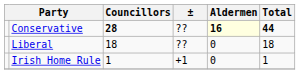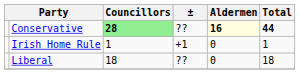 <table class="wikitable">
 <tr>
 <th colspan="2">Party</th>
 <th>Councillors</th>
 <th>  ±  </th>
 <th>Aldermen</th>
 <th>Total</th>
 </tr>
 <tr>
 <td style="background-color: "></td>
 <td><a href='#'>Conservative</a></td>
-<td><strong>28</strong></td>
+<td style="background: lightgreen;"><strong>28</strong></td>
 <td>??</td>
 <td style="background: lightyellow;"><strong>16</strong></td>
 <td><strong>44</strong></td>
+</tr>
+<tr>
+<td style="background-color: "></td>
+<td><a href='#'>Irish Home Rule</a></td>
+<td>1</td>
+<td>+1</td>
+<td>0</td>
+<td>1</td>
 </tr>
 <tr>
 <td style="background-color: "></td>
 <td><a href='#'>Liberal</a></td>
 <td>18</td>
 <td>??</td>
 <td>0</td>
 <td>18</td>
 </tr>
 <tr>
-<td style="background-color: "></td>
-<td><a href='#'>Irish Home Rule</a></td>
-<td>1</td>
-<td>+1</td>
-<td>0</td>
-<td>1</td>
-</tr>
-<tr>
 </tr>
 </table>
